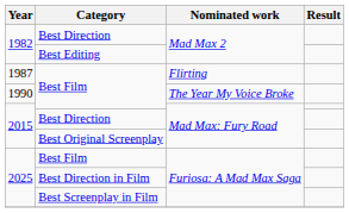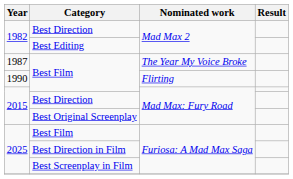 <table class="wikitable">
 <tr>
 <th>Year</th>
 <th>Category</th>
 <th>Nominated work</th>
 <th>Result</th>
 </tr>
 <tr>
 <td rowspan="2"><a href='#'>1982</a></td>
 <td><a href='#'>Best Direction</a></td>
 <td rowspan="2"><em><a href='#'>Mad Max 2</a></em></td>
 <td></td>
 </tr>
 <tr>
 <td><a href='#'>Best Editing</a></td>
 <td></td>
 </tr>
 <tr>
 <td>1987</td>
 <td rowspan="3"><a href='#'>Best Film</a></td>
-<td><em><a href='#'>Flirting</a></em></td>
+<td><em><a href='#'>The Year My Voice Broke</a></em></td>
 <td></td>
 </tr>
 <tr>
 <td>1990</td>
-<td><em><a href='#'>The Year My Voice Broke</a></em></td>
+<td><em><a href='#'>Flirting</a></em></td>
 <td></td>
 </tr>
 <tr>
 <td rowspan="3"><a href='#'>2015</a></td>
 <td rowspan="3"><em><a href='#'>Mad Max: Fury Road</a></em></td>
 <td></td>
 </tr>
 <tr>
 <td><a href='#'>Best Direction</a></td>
 <td></td>
 </tr>
 <tr>
 <td><a href='#'>Best Original Screenplay</a></td>
 <td></td>
 </tr>
 <tr>
 <td rowspan="3"><a href='#'>2025</a></td>
 <td><a href='#'>Best Film</a></td>
 <td rowspan="3"><em><a href='#'>Furiosa: A Mad Max Saga</a></em></td>
 <td></td>
 </tr>
 <tr>
 <td><a href='#'>Best Direction in Film</a></td>
 <td></td>
 </tr>
 <tr>
 <td><a href='#'>Best Screenplay in Film</a></td>
 <td></td>
 </tr>
 <tr>
 </tr>
 </table>
